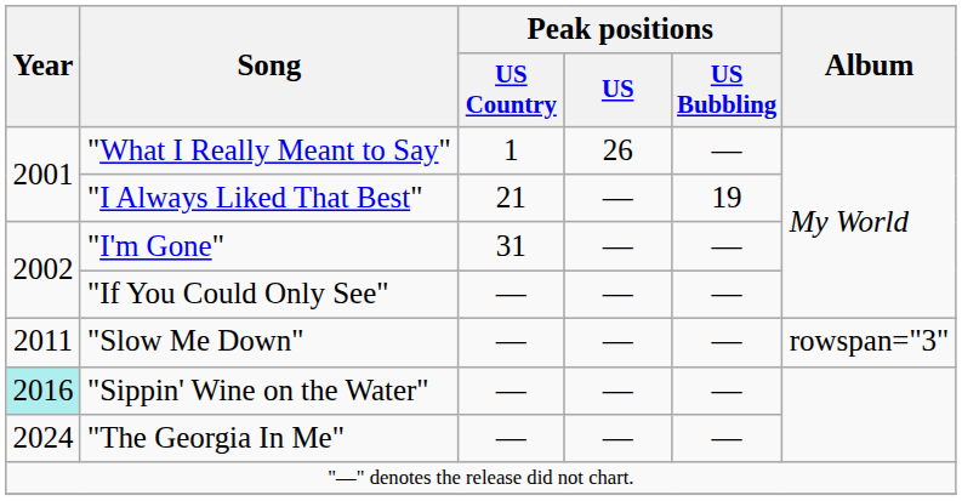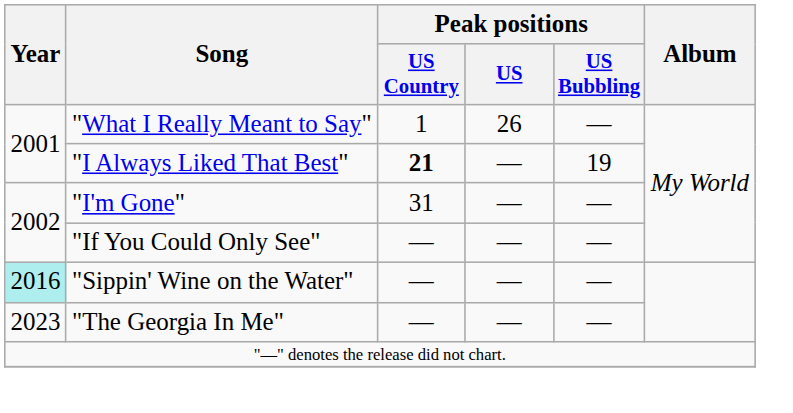 <table class="wikitable" style="text-align:center;">
 <tr>
 <th rowspan="2">Year</th>
 <th rowspan="2">Song</th>
 <th colspan="3">Peak positions</th>
 <th rowspan="2">Album</th>
 </tr>
 <tr style="font-size:smaller;">
 <th width="50"><a href='#'>US Country</a></th>
 <th width="50"><a href='#'>US</a></th>
 <th width="50"><a href='#'>US Bubbling</a></th>
 </tr>
 <tr>
 <td rowspan="2">2001</td>
 <td align="left">"<a href='#'>What I Really Meant to Say</a>"</td>
 <td>1</td>
 <td>26</td>
 <td>—</td>
 <td align="left" rowspan="4"><em>My World</em></td>
 </tr>
 <tr>
 <td align="left">"<a href='#'>I Always Liked That Best</a>"</td>
-<td>21</td>
+<td><strong>21</strong></td>
 <td>—</td>
 <td>19</td>
 </tr>
 <tr>
 <td rowspan="2">2002</td>
 <td align="left">"<a href='#'>I'm Gone</a>"</td>
 <td>31</td>
 <td>—</td>
 <td>—</td>
 </tr>
 <tr>
 <td align="left">"If You Could Only See"</td>
 <td>—</td>
 <td>—</td>
 <td>—</td>
 </tr>
 <tr>
-<td>2011</td>
-<td align="left">"Slow Me Down"</td>
-<td>—</td>
-<td>—</td>
-<td>—</td>
-<td>rowspan="3" </td>
-</tr>
-<tr>
 <td style="background: paleturquoise;">2016</td>
 <td align="left">"Sippin' Wine on the Water"</td>
 <td>—</td>
 <td>—</td>
 <td>—</td>
 </tr>
 <tr>
-<td>2024</td>
+<td>2023</td>
 <td align="left">"The Georgia In Me"</td>
 <td>—</td>
 <td>—</td>
 <td>—</td>
 </tr>
 <tr>
 <td align="center" colspan="6" style="font-size:8pt">"—" denotes the release did not chart.</td>
 </tr>
 <tr>
 </tr>
 </table>
